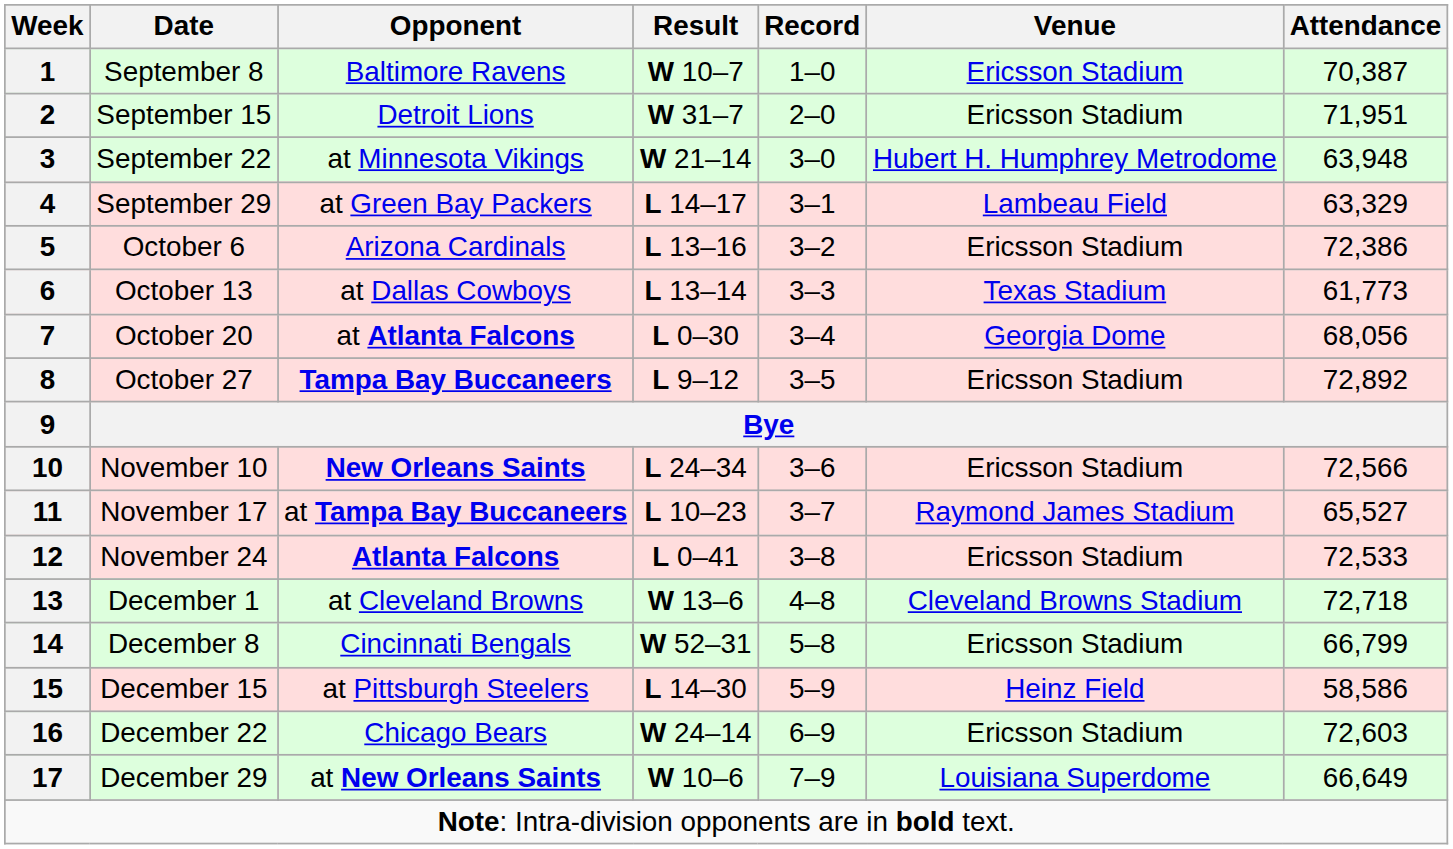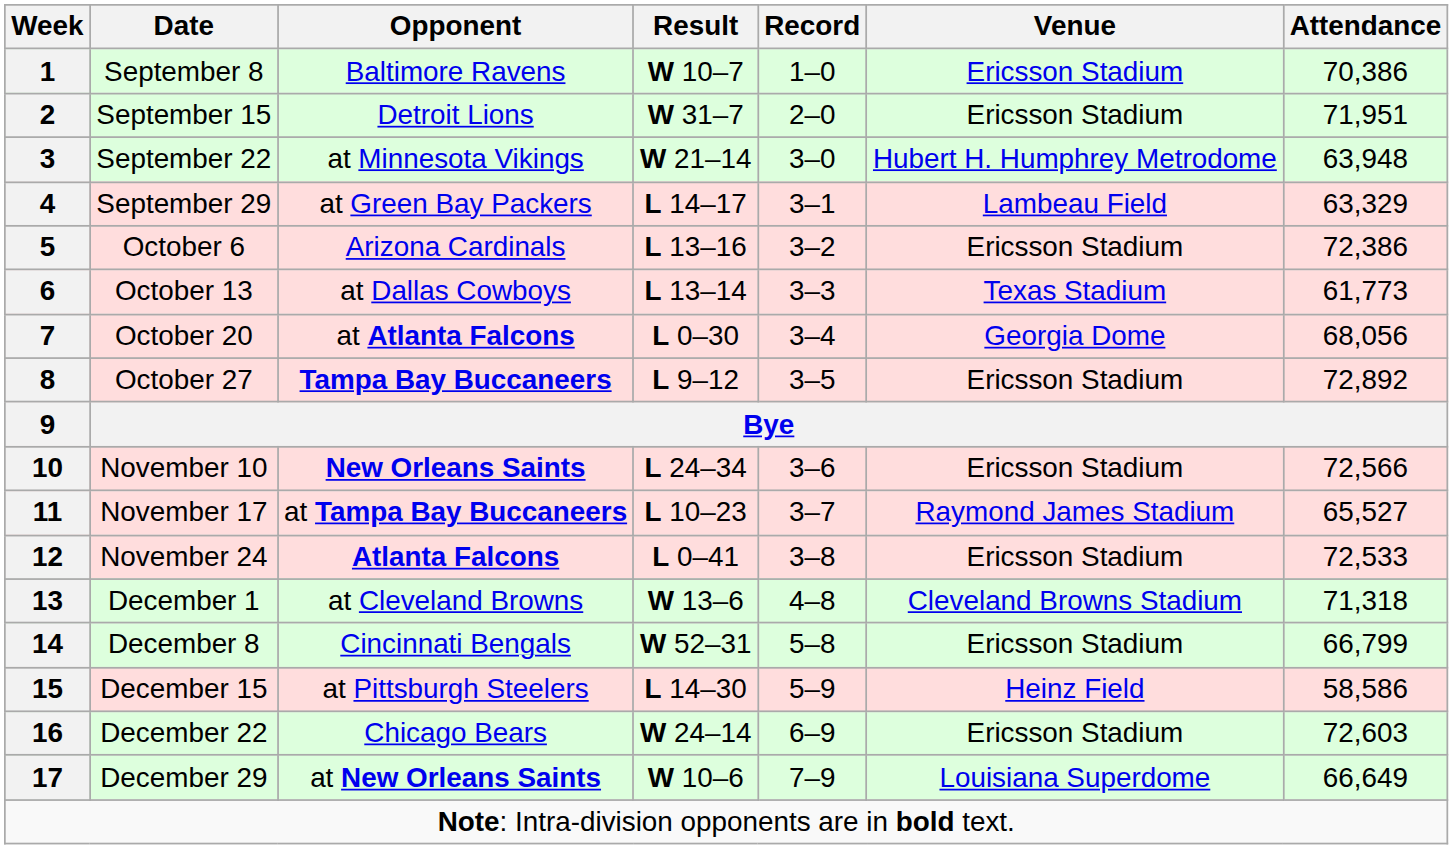 <table class="wikitable" style="text-align:center">
 <tr>
 <th>Week</th>
 <th>Date</th>
 <th>Opponent</th>
 <th>Result</th>
 <th>Record</th>
 <th>Venue</th>
 <th>Attendance</th>
 </tr>
 <tr bgcolor="ddffdd">
 <th>1</th>
 <td>September 8</td>
 <td><a href='#'>Baltimore Ravens</a></td>
 <td><strong>W</strong> 10–7</td>
 <td>1–0</td>
 <td><a href='#'>Ericsson Stadium</a></td>
-<td>70,387</td>
+<td>70,386</td>
 </tr>
 <tr bgcolor="#ddffdd">
 <th>2</th>
 <td>September 15</td>
 <td><a href='#'>Detroit Lions</a></td>
 <td><strong>W</strong> 31–7</td>
 <td>2–0</td>
 <td>Ericsson Stadium</td>
 <td>71,951</td>
 </tr>
 <tr bgcolor="#ddffdd">
 <th>3</th>
 <td>September 22</td>
 <td>at <a href='#'>Minnesota Vikings</a></td>
 <td><strong>W</strong> 21–14</td>
 <td>3–0</td>
 <td><a href='#'>Hubert H. Humphrey Metrodome</a></td>
 <td>63,948</td>
 </tr>
 <tr bgcolor="#ffdddd">
 <th>4</th>
 <td>September 29</td>
 <td>at <a href='#'>Green Bay Packers</a></td>
 <td><strong>L</strong> 14–17</td>
 <td>3–1</td>
 <td><a href='#'>Lambeau Field</a></td>
 <td>63,329</td>
 </tr>
 <tr bgcolor="#ffdddd">
 <th>5</th>
 <td>October 6</td>
 <td><a href='#'>Arizona Cardinals</a></td>
 <td><strong>L</strong> 13–16</td>
 <td>3–2</td>
 <td>Ericsson Stadium</td>
 <td>72,386</td>
 </tr>
 <tr bgcolor="#ffdddd">
 <th>6</th>
 <td>October 13</td>
 <td>at <a href='#'>Dallas Cowboys</a></td>
 <td><strong>L</strong> 13–14</td>
 <td>3–3</td>
 <td><a href='#'>Texas Stadium</a></td>
 <td>61,773</td>
 </tr>
 <tr bgcolor="#ffdddd">
 <th>7</th>
 <td>October 20</td>
 <td>at <strong><a href='#'>Atlanta Falcons</a></strong></td>
 <td><strong>L</strong> 0–30</td>
 <td>3–4</td>
 <td><a href='#'>Georgia Dome</a></td>
 <td>68,056</td>
 </tr>
 <tr bgcolor="#ffdddd">
 <th>8</th>
 <td>October 27</td>
 <td><strong><a href='#'>Tampa Bay Buccaneers</a></strong></td>
 <td><strong>L</strong> 9–12</td>
 <td>3–5</td>
 <td>Ericsson Stadium</td>
 <td>72,892</td>
 </tr>
 <tr>
 <th>9</th>
 <th colspan="6"><a href='#'>Bye</a></th>
 </tr>
 <tr bgcolor="#ffdddd">
 <th>10</th>
 <td>November 10</td>
 <td><strong><a href='#'>New Orleans Saints</a></strong></td>
 <td><strong>L</strong> 24–34</td>
 <td>3–6</td>
 <td>Ericsson Stadium</td>
 <td>72,566</td>
 </tr>
 <tr bgcolor="#ffdddd">
 <th>11</th>
 <td>November 17</td>
 <td>at <strong><a href='#'>Tampa Bay Buccaneers</a></strong></td>
 <td><strong>L</strong> 10–23</td>
 <td>3–7</td>
 <td><a href='#'>Raymond James Stadium</a></td>
 <td>65,527</td>
 </tr>
 <tr bgcolor="#ffdddd">
 <th>12</th>
 <td>November 24</td>
 <td><strong><a href='#'>Atlanta Falcons</a></strong></td>
 <td><strong>L</strong> 0–41</td>
 <td>3–8</td>
 <td>Ericsson Stadium</td>
 <td>72,533</td>
 </tr>
 <tr bgcolor="#ddffdd">
 <th>13</th>
 <td>December 1</td>
 <td>at <a href='#'>Cleveland Browns</a></td>
 <td><strong>W</strong> 13–6</td>
 <td>4–8</td>
 <td><a href='#'>Cleveland Browns Stadium</a></td>
-<td>72,718</td>
+<td>71,318</td>
 </tr>
 <tr bgcolor="#ddffdd">
 <th>14</th>
 <td>December 8</td>
 <td><a href='#'>Cincinnati Bengals</a></td>
 <td><strong>W</strong> 52–31</td>
 <td>5–8</td>
 <td>Ericsson Stadium</td>
 <td>66,799</td>
 </tr>
 <tr bgcolor="#ffdddd">
 <th>15</th>
 <td>December 15</td>
 <td>at <a href='#'>Pittsburgh Steelers</a></td>
 <td><strong>L</strong> 14–30</td>
 <td>5–9</td>
 <td><a href='#'>Heinz Field</a></td>
 <td>58,586</td>
 </tr>
 <tr bgcolor="#ddffdd">
 <th>16</th>
 <td>December 22</td>
 <td><a href='#'>Chicago Bears</a></td>
 <td><strong>W</strong> 24–14</td>
 <td>6–9</td>
 <td>Ericsson Stadium</td>
 <td>72,603</td>
 </tr>
 <tr bgcolor="#ddffdd">
 <th>17</th>
 <td>December 29</td>
 <td>at <strong><a href='#'>New Orleans Saints</a></strong></td>
 <td><strong>W</strong> 10–6</td>
 <td>7–9</td>
 <td><a href='#'>Louisiana Superdome</a></td>
 <td>66,649</td>
 </tr>
 <tr>
 <td colspan=7><strong>Note</strong>: Intra-division opponents are in <strong>bold</strong> text.</td>
 </tr>
 </table>
